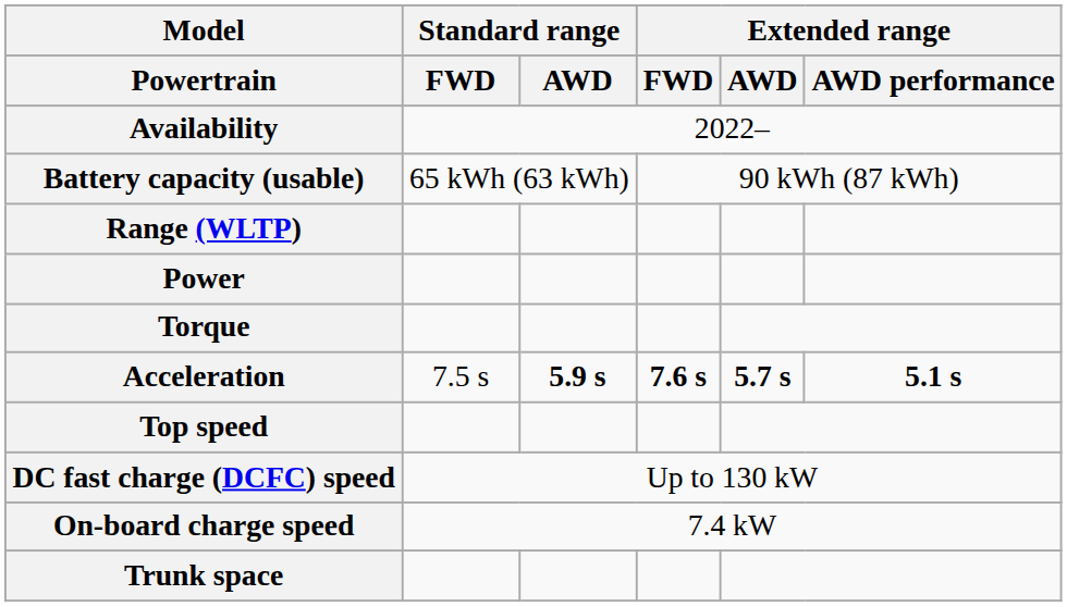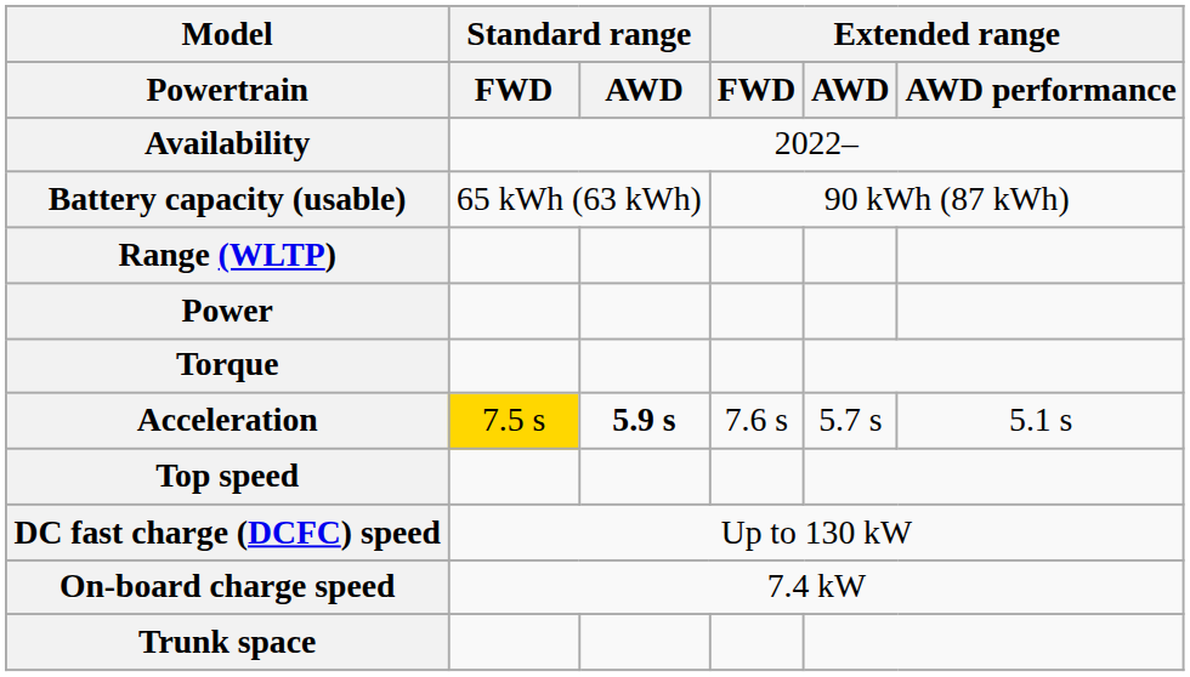 <table class="wikitable" style="text-align:center; font-size:90%;">
 <tr>
 <th>Model</th>
 <th colspan="2">Standard range</th>
 <th colspan="7">Extended range</th>
 </tr>
 <tr>
 <th>Powertrain</th>
 <th>FWD</th>
 <th>AWD</th>
 <th>FWD</th>
 <th>AWD</th>
 <th>AWD performance</th>
 </tr>
 <tr>
 <th>Availability</th>
 <td colspan="5">2022–</td>
 </tr>
 <tr>
 <th>Battery capacity (usable)</th>
 <td colspan="2">65 kWh (63 kWh)</td>
 <td colspan="7">90 kWh (87 kWh)</td>
 </tr>
 <tr>
 <th>Range <a href='#'>(WLTP</a>)</th>
 <td></td>
 <td></td>
 <td></td>
 <td></td>
 <td></td>
 </tr>
 <tr>
 <th>Power</th>
 <td></td>
 <td></td>
 <td></td>
 <td></td>
 <td></td>
 </tr>
 <tr>
 <th>Torque</th>
 <td></td>
 <td></td>
 <td></td>
 <td colspan="2"></td>
 </tr>
 <tr>
 <th>Acceleration<br></th>
-<td>7.5 s</td>
+<td style="background: gold;">7.5 s</td>
 <td><strong>5.9 s</strong></td>
-<td><strong>7.6 s</strong></td>
-<td><strong>5.7 s</strong></td>
-<td><strong>5.1 s</strong></td>
+<td>7.6 s</td>
+<td>5.7 s</td>
+<td>5.1 s</td>
 </tr>
 <tr>
 <th>Top speed</th>
 <td></td>
 <td></td>
 <td></td>
 <td colspan="2"></td>
 </tr>
 <tr>
 <th>DC fast charge (<a href='#'>DCFC</a>) speed</th>
 <td colspan="5" style="text-align:center;">Up to 130 kW</td>
 </tr>
 <tr>
 <th>On-board charge speed</th>
 <td colspan="5" style="text-align:center;">7.4 kW</td>
 </tr>
 <tr>
 <th>Trunk space</th>
 <td></td>
 <td></td>
 <td></td>
 <td colspan="2"></td>
 </tr>
 </table>
